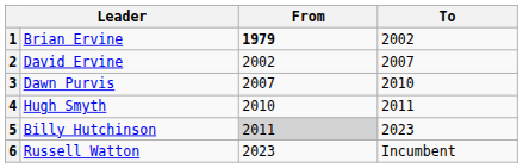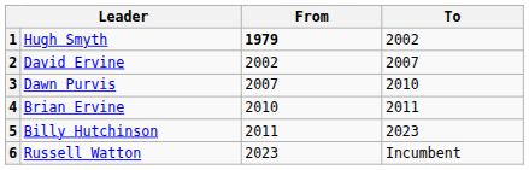 <table class="wikitable">
 <tr>
 <th colspan=2>Leader</th>
 <th>From</th>
 <th>To</th>
 </tr>
 <tr>
 <th style="background:">1</th>
-<td><a href='#'>Brian Ervine</a></td>
+<td style="width:200px;"><a href='#'>Hugh Smyth</a></td>
 <td style="width:125px;"><strong>1979</strong></td>
 <td style="width:125px;">2002</td>
 </tr>
 <tr>
 <th style="background:">2</th>
 <td><a href='#'>David Ervine</a></td>
 <td>2002</td>
 <td>2007</td>
 </tr>
 <tr>
 <th style="background:">3</th>
 <td><a href='#'>Dawn Purvis</a></td>
 <td>2007</td>
 <td>2010</td>
 </tr>
 <tr>
 <th style="background:">4</th>
-<td style="width:200px;"><a href='#'>Hugh Smyth</a></td>
+<td><a href='#'>Brian Ervine</a></td>
 <td>2010</td>
 <td>2011</td>
 </tr>
 <tr>
 <th style="background:">5</th>
 <td><a href='#'>Billy Hutchinson</a></td>
-<td style="background: lightgrey;">2011</td>
+<td>2011</td>
 <td>2023</td>
 </tr>
 <tr>
 <th style="background:">6</th>
 <td><a href='#'>Russell Watton</a></td>
 <td>2023</td>
 <td>Incumbent</td>
 </tr>
 </table>
